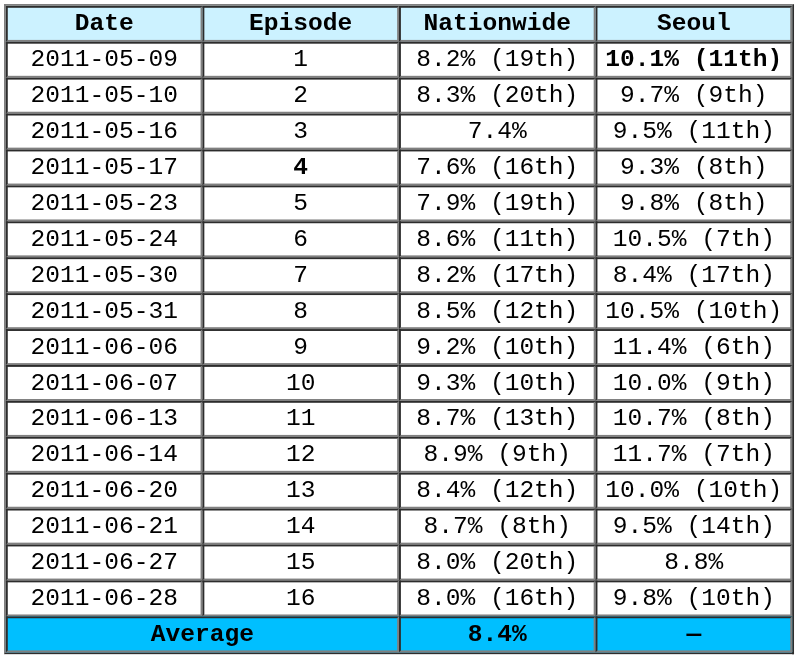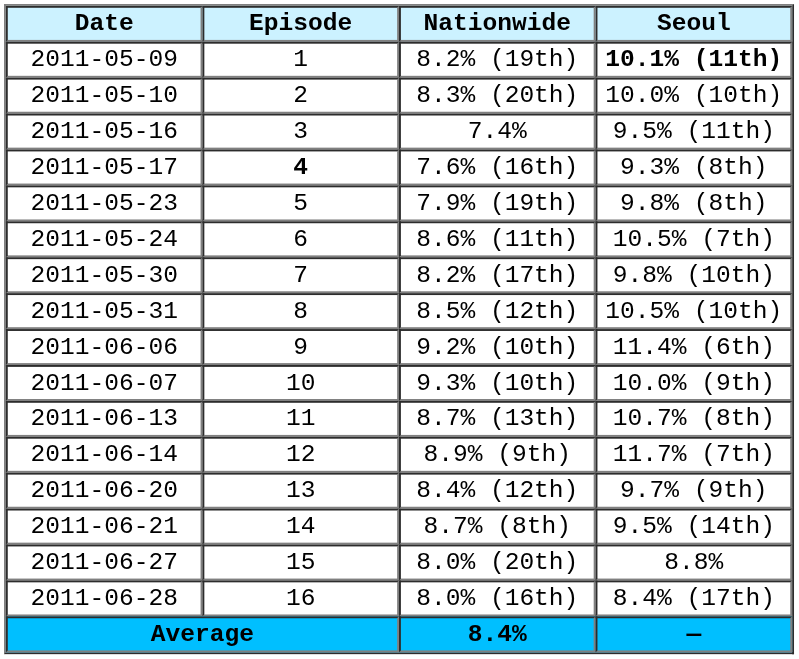 <table border="1" cellpadding="1" cellspacing="0">
 <tr>
 <th width=100 bgcolor="#CCF2FF">Date</th>
 <th width=100 bgcolor="#CCF2FF">Episode</th>
 <th width=100 bgcolor="#CCF2FF">Nationwide</th>
 <th width=100 bgcolor="#CCF2FF">Seoul</th>
 </tr>
 <tr align=center>
 <td>2011-05-09</td>
 <td>1</td>
 <td>8.2% (19th)</td>
 <td><strong>10.1% (11th)</strong></td>
 </tr>
 <tr align=center>
 <td>2011-05-10</td>
 <td>2</td>
 <td>8.3% (20th)</td>
-<td>9.7% (9th)</td>
+<td>10.0% (10th)</td>
 </tr>
 <tr align=center>
 <td>2011-05-16</td>
 <td>3</td>
 <td>7.4%</td>
 <td>9.5% (11th)</td>
 </tr>
 <tr align=center>
 <td>2011-05-17</td>
 <td><strong>4</strong></td>
 <td>7.6% (16th)</td>
 <td>9.3% (8th)</td>
 </tr>
 <tr align=center>
 <td>2011-05-23</td>
 <td>5</td>
 <td>7.9% (19th)</td>
 <td>9.8% (8th)</td>
 </tr>
 <tr align=center>
 <td>2011-05-24</td>
 <td>6</td>
 <td>8.6% (11th)</td>
 <td>10.5% (7th)</td>
 </tr>
 <tr align=center>
 <td>2011-05-30</td>
 <td>7</td>
 <td>8.2% (17th)</td>
-<td>8.4% (17th)</td>
+<td>9.8% (10th)</td>
 </tr>
 <tr align=center>
 <td>2011-05-31</td>
 <td>8</td>
 <td>8.5% (12th)</td>
 <td>10.5% (10th)</td>
 </tr>
 <tr align=center>
 <td>2011-06-06</td>
 <td>9</td>
 <td>9.2% (10th)</td>
 <td>11.4% (6th)</td>
 </tr>
 <tr align=center>
 <td>2011-06-07</td>
 <td>10</td>
 <td>9.3% (10th)</td>
 <td>10.0% (9th)</td>
 </tr>
 <tr align=center>
 <td>2011-06-13</td>
 <td>11</td>
 <td>8.7% (13th)</td>
 <td>10.7% (8th)</td>
 </tr>
 <tr align=center>
 <td>2011-06-14</td>
 <td>12</td>
 <td>8.9% (9th)</td>
 <td>11.7% (7th)</td>
 </tr>
 <tr align=center>
 <td>2011-06-20</td>
 <td>13</td>
 <td>8.4% (12th)</td>
-<td>10.0% (10th)</td>
+<td>9.7% (9th)</td>
 </tr>
 <tr align=center>
 <td>2011-06-21</td>
 <td>14</td>
 <td>8.7% (8th)</td>
 <td>9.5% (14th)</td>
 </tr>
 <tr align=center>
 <td>2011-06-27</td>
 <td>15</td>
 <td>8.0% (20th)</td>
 <td>8.8%</td>
 </tr>
 <tr align=center>
 <td>2011-06-28</td>
 <td>16</td>
 <td>8.0% (16th)</td>
-<td>9.8% (10th)</td>
+<td>8.4% (17th)</td>
 </tr>
 <tr align="center" style="background:#00BFFF;">
 <th colspan=2>Average</th>
 <th>8.4%</th>
 <th>—</th>
 </tr>
 </table>
